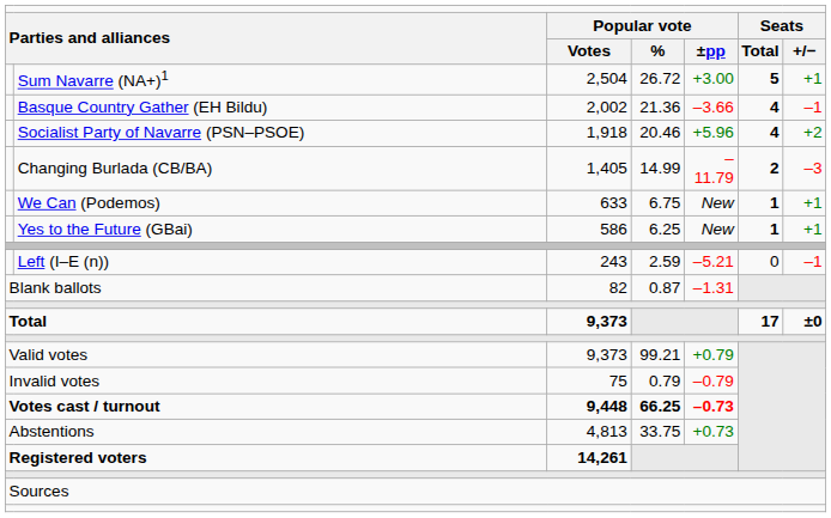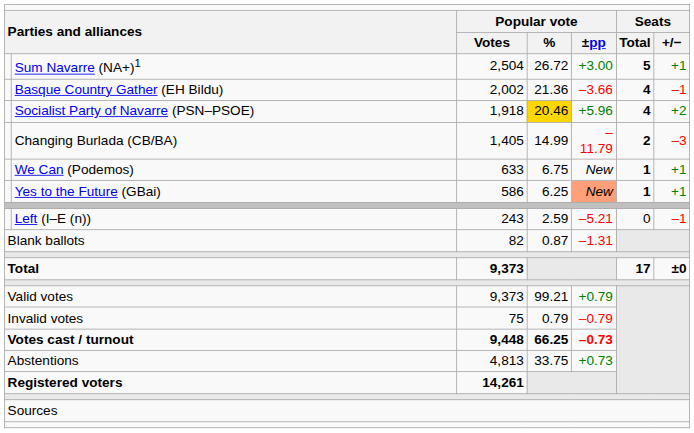 <table class="wikitable" style="text-align:right;">
 <tr>
 <td colspan="7"></td>
 </tr>
 <tr>
 <th style="text-align:left;" rowspan="2" colspan="2" width="525">Parties and alliances</th>
 <th colspan="3">Popular vote</th>
 <th colspan="2">Seats</th>
 </tr>
 <tr>
 <th width="75">Votes</th>
 <th width="45">%</th>
 <th width="45">±<a href='#'>pp</a></th>
 <th width="35">Total</th>
 <th width="35">+/−</th>
 </tr>
 <tr>
 <td width="1" style="color:inherit;background:"></td>
 <td align="left"><a href='#'>Sum Navarre</a> (NA+)<sup>1</sup></td>
 <td>2,504</td>
 <td>26.72</td>
 <td style="color:green;">+3.00</td>
 <td><strong>5</strong></td>
 <td style="color:green;">+1</td>
 </tr>
 <tr>
 <td style="color:inherit;background:"></td>
 <td align="left"><a href='#'>Basque Country Gather</a> (EH Bildu)</td>
 <td>2,002</td>
 <td>21.36</td>
 <td style="color:red;">–3.66</td>
 <td><strong>4</strong></td>
 <td style="color:red;">–1</td>
 </tr>
 <tr>
 <td style="color:inherit;background:"></td>
 <td align="left"><a href='#'>Socialist Party of Navarre</a> (PSN–PSOE)</td>
 <td>1,918</td>
-<td>20.46</td>
+<td style="background: gold;">20.46</td>
 <td style="color:green;">+5.96</td>
 <td><strong>4</strong></td>
 <td style="color:green;">+2</td>
 </tr>
 <tr>
 <td style="color:inherit;background:"></td>
 <td align="left">Changing Burlada (CB/BA)</td>
 <td>1,405</td>
 <td>14.99</td>
 <td style="color:red;">–11.79</td>
 <td><strong>2</strong></td>
 <td style="color:red;">–3</td>
 </tr>
 <tr>
 <td style="color:inherit;background:"></td>
 <td align="left"><a href='#'>We Can</a> (Podemos)</td>
 <td>633</td>
 <td>6.75</td>
 <td><em>New</em></td>
 <td><strong>1</strong></td>
 <td style="color:green;">+1</td>
 </tr>
 <tr>
 <td style="color:inherit;background:"></td>
 <td align="left"><a href='#'>Yes to the Future</a> (GBai)</td>
 <td>586</td>
 <td>6.25</td>
-<td><em>New</em></td>
+<td style="background: lightsalmon;"><em>New</em></td>
 <td><strong>1</strong></td>
 <td style="color:green;">+1</td>
 </tr>
 <tr>
 <td colspan="7" bgcolor="#C0C0C0"></td>
 </tr>
 <tr>
 <td style="color:inherit;background:"></td>
 <td align="left"><a href='#'>Left</a> (I–E (n))</td>
 <td>243</td>
 <td>2.59</td>
 <td style="color:red;">–5.21</td>
 <td>0</td>
 <td style="color:red;">–1</td>
 </tr>
 <tr>
 <td align="left" colspan="2">Blank ballots</td>
 <td>82</td>
 <td>0.87</td>
 <td style="color:red;">–1.31</td>
 <td bgcolor="#E9E9E9" colspan="2"></td>
 </tr>
 <tr>
 <td colspan="7" bgcolor="#E9E9E9"></td>
 </tr>
 <tr style="font-weight:bold;">
 <td align="left" colspan="2">Total</td>
 <td>9,373</td>
 <td bgcolor="#E9E9E9" colspan="2"></td>
 <td>17</td>
 <td>±0</td>
 </tr>
 <tr>
 <td colspan="7" bgcolor="#E9E9E9"></td>
 </tr>
 <tr>
 <td align="left" colspan="2">Valid votes</td>
 <td>9,373</td>
 <td>99.21</td>
 <td style="color:green;">+0.79</td>
 <td bgcolor="#E9E9E9" colspan="2" rowspan="5"></td>
 </tr>
 <tr>
 <td align="left" colspan="2">Invalid votes</td>
 <td>75</td>
 <td>0.79</td>
 <td style="color:red;">–0.79</td>
 </tr>
 <tr style="font-weight:bold;">
 <td align="left" colspan="2">Votes cast / turnout</td>
 <td>9,448</td>
 <td>66.25</td>
 <td style="color:red;">–0.73</td>
 </tr>
 <tr>
 <td align="left" colspan="2">Abstentions</td>
 <td>4,813</td>
 <td>33.75</td>
 <td style="color:green;">+0.73</td>
 </tr>
 <tr style="font-weight:bold;">
 <td align="left" colspan="2">Registered voters</td>
 <td>14,261</td>
 <td bgcolor="#E9E9E9" colspan="2"></td>
 </tr>
 <tr>
 <td colspan="7" bgcolor="#E9E9E9"></td>
 </tr>
 <tr>
 <td align="left" colspan="7">Sources</td>
 </tr>
 <tr>
 <td colspan="7" style="text-align:left; max-width:790px;"></td>
 </tr>
 </table>
